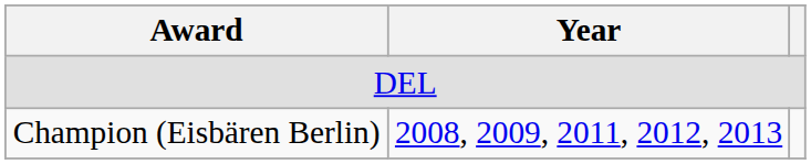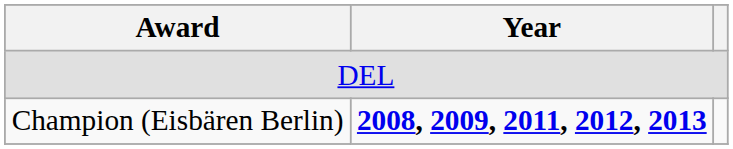 <table class="wikitable">
 <tr>
 <th>Award</th>
 <th>Year</th>
 <th></th>
 </tr>
 <tr ALIGN="center" bgcolor="#e0e0e0">
 <td colspan="3"><a href='#'>DEL</a></td>
 </tr>
 <tr>
 <td>Champion (Eisbären Berlin)</td>
-<td><a href='#'>2008</a>, <a href='#'>2009</a>, <a href='#'>2011</a>, <a href='#'>2012</a>, <a href='#'>2013</a></td>
+<td><strong><a href='#'>2008</a>, <a href='#'>2009</a>, <a href='#'>2011</a>, <a href='#'>2012</a>, <a href='#'>2013</a></strong></td>
 <td></td>
 </tr>
 </table>
